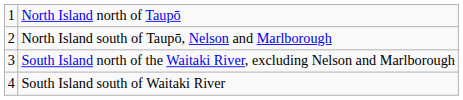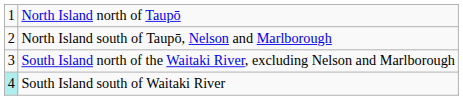 <table class="wikitable">
 <tr>
 <td>1</td>
 <td><a href='#'>North Island</a> north of <a href='#'>Taupō</a></td>
 </tr>
 <tr>
 <td>2</td>
 <td>North Island south of Taupō, <a href='#'>Nelson</a> and <a href='#'>Marlborough</a></td>
 </tr>
 <tr>
 <td>3</td>
 <td><a href='#'>South Island</a> north of the <a href='#'>Waitaki River</a>, excluding Nelson and Marlborough</td>
 </tr>
 <tr>
-<td>4</td>
+<td style="background: paleturquoise;">4</td>
 <td>South Island south of Waitaki River</td>
 </tr>
 </table>
